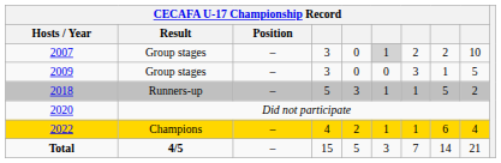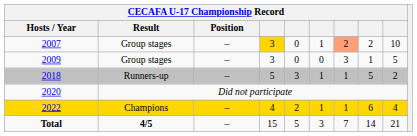 <table class="wikitable" style="text-align: center;font-size:90%;">
 <tr>
 <th colspan=9><a href='#'>CECAFA U-17 Championship</a> Record</th>
 <th width=1% rowspan=50></th>
 </tr>
 <tr>
 <th>Hosts / Year</th>
 <th>Result</th>
 <th>Position</th>
 <th width=30></th>
 <th width=30></th>
 <th width=30></th>
 <th width=30></th>
 <th width=30></th>
 <th width=30></th>
 </tr>
 <tr>
 <td> <a href='#'>2007</a></td>
 <td>Group stages</td>
 <td>–</td>
-<td>3</td>
+<td style="background: gold;">3</td>
 <td>0</td>
-<td style="background: lightgrey;">1</td>
-<td>2</td>
+<td>1</td>
+<td style="background: lightsalmon;">2</td>
 <td>2</td>
 <td>10</td>
 </tr>
 <tr>
 <td> <a href='#'>2009</a></td>
 <td>Group stages</td>
 <td>–</td>
 <td>3</td>
 <td>0</td>
 <td>0</td>
 <td>3</td>
 <td>1</td>
 <td>5</td>
 </tr>
 <tr style="background:silver;">
 <td> <a href='#'>2018</a></td>
 <td>Runners-up</td>
 <td>–</td>
 <td>5</td>
 <td>3</td>
 <td>1</td>
 <td>1</td>
 <td>5</td>
 <td>2</td>
 </tr>
 <tr>
 <td> <a href='#'>2020</a></td>
 <td colspan=13><em>Did not participate</em></td>
 </tr>
 <tr style="background:gold;">
 <td> <a href='#'>2022</a></td>
 <td>Champions</td>
 <td>–</td>
 <td>4</td>
 <td>2</td>
 <td>1</td>
 <td>1</td>
 <td>6</td>
 <td>4</td>
 </tr>
 <tr>
 <td><strong>Total</strong></td>
 <td><strong>4/5</strong></td>
 <td>–</td>
 <td>15</td>
 <td>5</td>
 <td>3</td>
 <td>7</td>
 <td>14</td>
 <td>21</td>
 </tr>
 </table>
